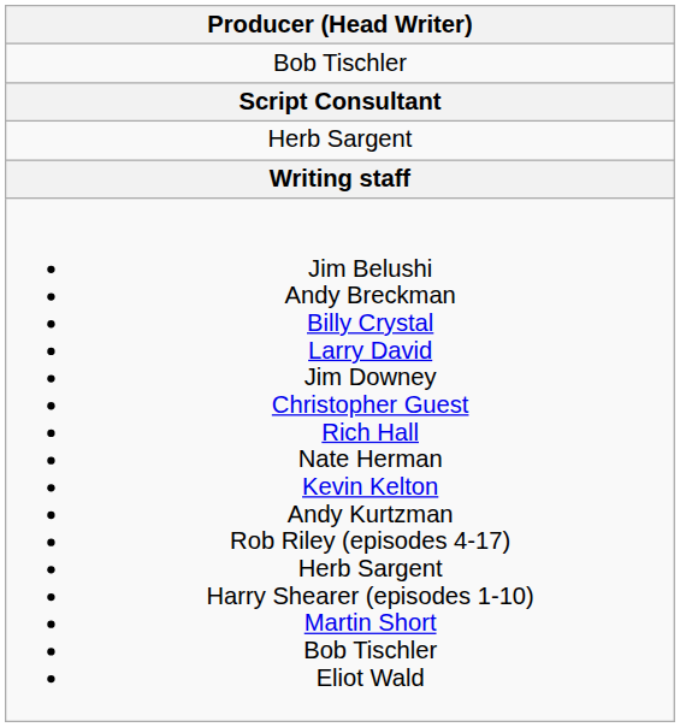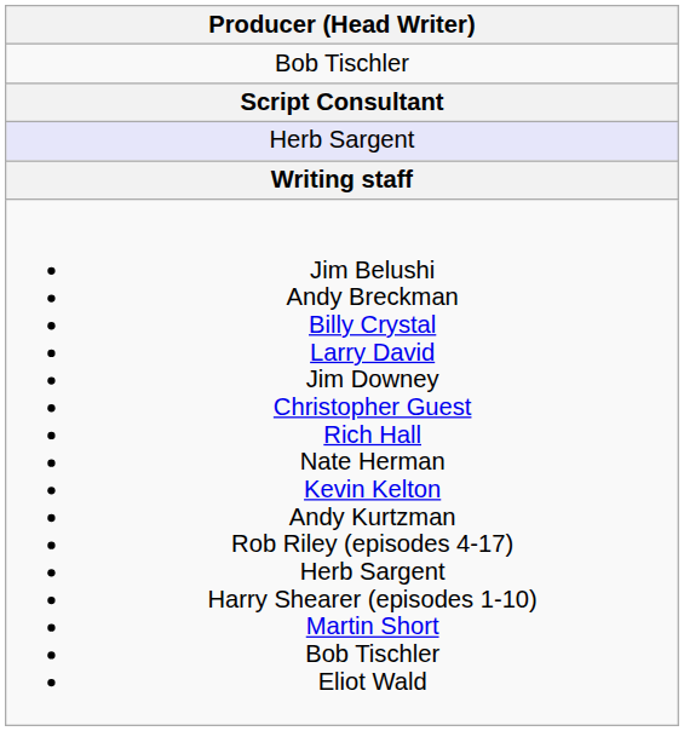 <table class="wikitable plainrowheaders"  style="text-align:center; width:50%;">
 <tr>
 <th><strong>Producer (Head Writer)</strong></th>
 </tr>
 <tr>
 <td>Bob Tischler</td>
 </tr>
 <tr>
 <th><strong>Script Consultant</strong></th>
 </tr>
 <tr>
-<td>Herb Sargent</td>
+<td style="background: lavender;">Herb Sargent</td>
 </tr>
 <tr>
 <th><strong>Writing staff</strong></th>
 </tr>
 <tr>
 <td><br><ul><li>Jim Belushi</li><li>Andy Breckman</li><li><a href='#'>Billy Crystal</a></li><li><a href='#'>Larry David</a></li><li>Jim Downey</li><li><a href='#'>Christopher Guest</a></li><li><a href='#'>Rich Hall</a></li><li>Nate Herman</li><li><a href='#'>Kevin Kelton</a></li><li>Andy Kurtzman</li><li>Rob Riley (episodes 4-17)</li><li>Herb Sargent</li><li>Harry Shearer (episodes 1-10)</li><li><a href='#'>Martin Short</a></li><li>Bob Tischler</li><li>Eliot Wald</li></ul></td>
 </tr>
 </table>
